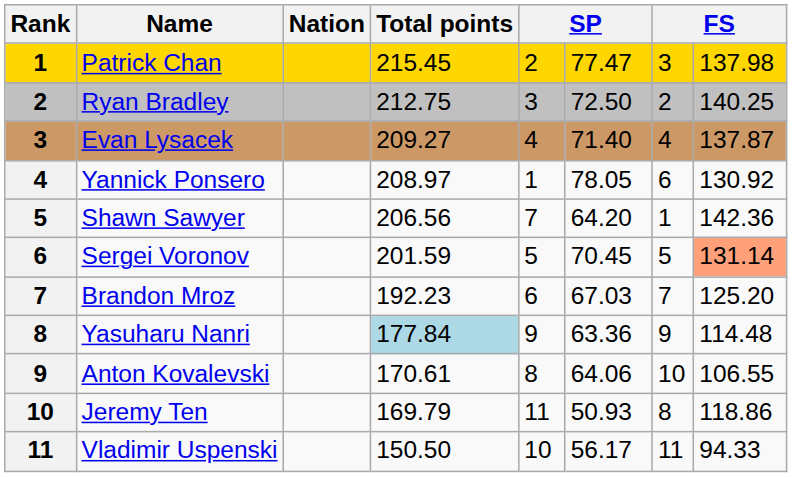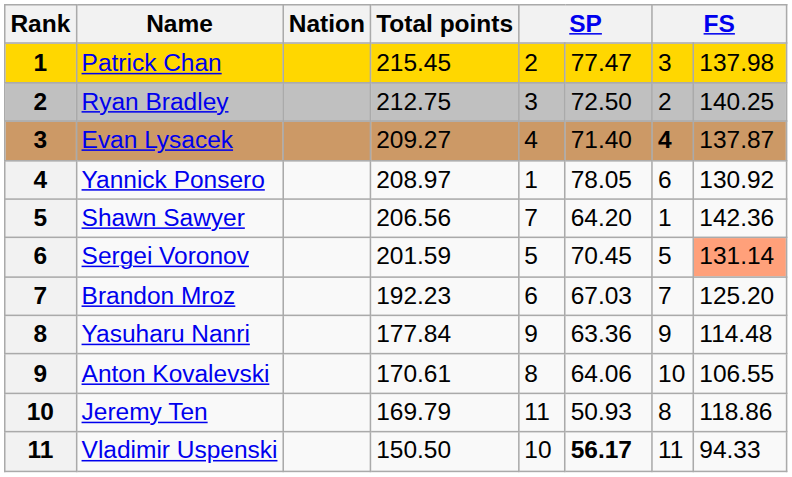 <table class="wikitable">
 <tr>
 <th>Rank</th>
 <th>Name</th>
 <th>Nation</th>
 <th>Total points</th>
 <th colspan="2" width="80px"><a href='#'>SP</a></th>
 <th colspan="2" width="80px"><a href='#'>FS</a></th>
 </tr>
 <tr bgcolor="gold">
 <td align="center"><strong>1</strong></td>
 <td><a href='#'>Patrick Chan</a></td>
 <td></td>
 <td>215.45</td>
 <td>2</td>
 <td>77.47</td>
 <td>3</td>
 <td>137.98</td>
 </tr>
 <tr bgcolor="silver">
 <td align="center"><strong>2</strong></td>
 <td><a href='#'>Ryan Bradley</a></td>
 <td></td>
 <td>212.75</td>
 <td>3</td>
 <td>72.50</td>
 <td>2</td>
 <td>140.25</td>
 </tr>
 <tr bgcolor="cc9966">
 <td align="center"><strong>3</strong></td>
 <td><a href='#'>Evan Lysacek</a></td>
 <td></td>
 <td>209.27</td>
 <td>4</td>
 <td>71.40</td>
-<td>4</td>
+<td><strong>4</strong></td>
 <td>137.87</td>
 </tr>
 <tr>
 <th>4</th>
 <td><a href='#'>Yannick Ponsero</a></td>
 <td></td>
 <td>208.97</td>
 <td>1</td>
 <td>78.05</td>
 <td>6</td>
 <td>130.92</td>
 </tr>
 <tr>
 <th>5</th>
 <td><a href='#'>Shawn Sawyer</a></td>
 <td></td>
 <td>206.56</td>
 <td>7</td>
 <td>64.20</td>
 <td>1</td>
 <td>142.36</td>
 </tr>
 <tr>
 <th>6</th>
 <td><a href='#'>Sergei Voronov</a></td>
 <td></td>
 <td>201.59</td>
 <td>5</td>
 <td>70.45</td>
 <td>5</td>
 <td style="background: lightsalmon;">131.14</td>
 </tr>
 <tr>
 <th>7</th>
 <td><a href='#'>Brandon Mroz</a></td>
 <td></td>
 <td>192.23</td>
 <td>6</td>
 <td>67.03</td>
 <td>7</td>
 <td>125.20</td>
 </tr>
 <tr>
 <th>8</th>
 <td><a href='#'>Yasuharu Nanri</a></td>
 <td></td>
-<td style="background: lightblue;">177.84</td>
+<td>177.84</td>
 <td>9</td>
 <td>63.36</td>
 <td>9</td>
 <td>114.48</td>
 </tr>
 <tr>
 <th>9</th>
 <td><a href='#'>Anton Kovalevski</a></td>
 <td></td>
 <td>170.61</td>
 <td>8</td>
 <td>64.06</td>
 <td>10</td>
 <td>106.55</td>
 </tr>
 <tr>
 <th>10</th>
 <td><a href='#'>Jeremy Ten</a></td>
 <td></td>
 <td>169.79</td>
 <td>11</td>
 <td>50.93</td>
 <td>8</td>
 <td>118.86</td>
 </tr>
 <tr>
 <th>11</th>
 <td><a href='#'>Vladimir Uspenski</a></td>
 <td></td>
 <td>150.50</td>
 <td>10</td>
-<td>56.17</td>
+<td><strong>56.17</strong></td>
 <td>11</td>
 <td>94.33</td>
 </tr>
 </table>
